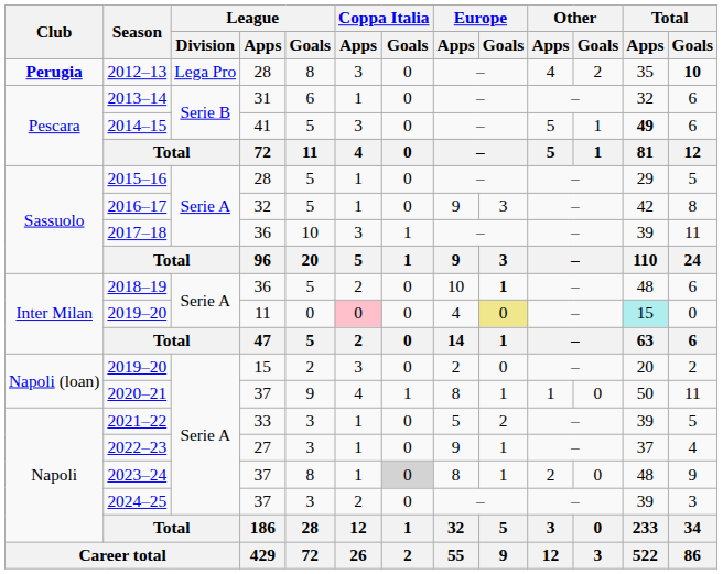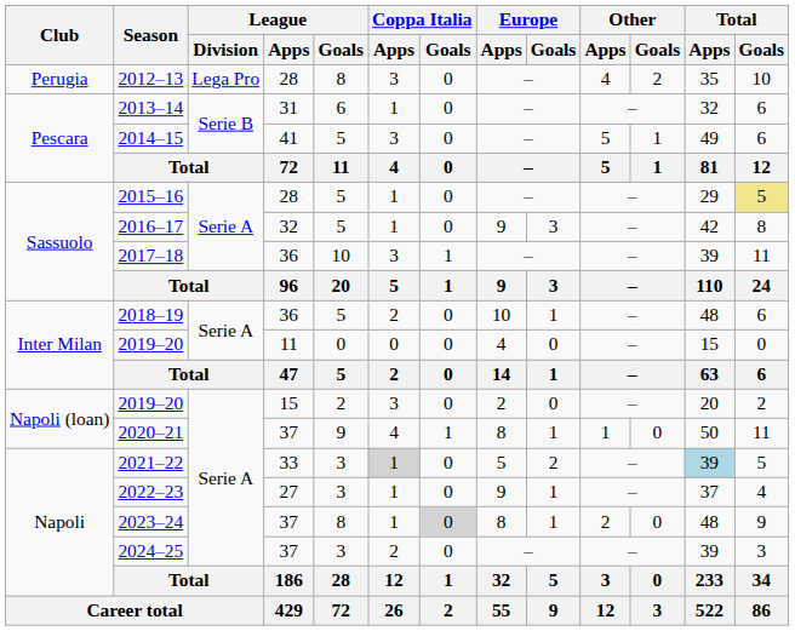 <table class="wikitable" style="text-align: center;">
 <tr>
 <th rowspan="2">Club</th>
 <th rowspan="2">Season</th>
 <th colspan="3">League</th>
 <th colspan="2"><a href='#'>Coppa Italia</a></th>
 <th colspan="2"><a href='#'>Europe</a></th>
 <th colspan="2">Other</th>
 <th colspan="2">Total</th>
 </tr>
 <tr>
 <th>Division</th>
 <th>Apps</th>
 <th>Goals</th>
 <th>Apps</th>
 <th>Goals</th>
 <th>Apps</th>
 <th>Goals</th>
 <th>Apps</th>
 <th>Goals</th>
 <th>Apps</th>
 <th>Goals</th>
 </tr>
 <tr>
-<td><strong><a href='#'>Perugia</a></strong></td>
+<td><a href='#'>Perugia</a></td>
 <td><a href='#'>2012–13</a></td>
 <td><a href='#'>Lega Pro</a></td>
 <td>28</td>
 <td>8</td>
 <td>3</td>
 <td>0</td>
 <td colspan=2>–</td>
 <td>4</td>
 <td>2</td>
 <td>35</td>
-<td><strong>10</strong></td>
+<td>10</td>
 </tr>
 <tr>
 <td rowspan=3><a href='#'>Pescara</a></td>
 <td><a href='#'>2013–14</a></td>
 <td rowspan=2><a href='#'>Serie B</a></td>
 <td>31</td>
 <td>6</td>
 <td>1</td>
 <td>0</td>
 <td colspan=2>–</td>
 <td colspan=2>–</td>
 <td>32</td>
 <td>6</td>
 </tr>
 <tr>
 <td><a href='#'>2014–15</a></td>
 <td>41</td>
 <td>5</td>
 <td>3</td>
 <td>0</td>
 <td colspan=2>–</td>
 <td>5</td>
 <td>1</td>
-<td><strong>49</strong></td>
+<td>49</td>
 <td>6</td>
 </tr>
 <tr>
 <th colspan=2>Total</th>
 <th>72</th>
 <th>11</th>
 <th>4</th>
 <th>0</th>
 <th colspan=2>–</th>
 <th>5</th>
 <th>1</th>
 <th>81</th>
 <th>12</th>
 </tr>
 <tr>
 <td rowspan=4><a href='#'>Sassuolo</a></td>
 <td><a href='#'>2015–16</a></td>
 <td rowspan=3><a href='#'>Serie A</a></td>
 <td>28</td>
 <td>5</td>
 <td>1</td>
 <td>0</td>
 <td colspan=2>–</td>
 <td colspan=2>–</td>
 <td>29</td>
-<td>5</td>
+<td style="background: khaki;">5</td>
 </tr>
 <tr>
 <td><a href='#'>2016–17</a></td>
 <td>32</td>
 <td>5</td>
 <td>1</td>
 <td>0</td>
 <td>9</td>
 <td>3</td>
 <td colspan=2>–</td>
 <td>42</td>
 <td>8</td>
 </tr>
 <tr>
 <td><a href='#'>2017–18</a></td>
 <td>36</td>
 <td>10</td>
 <td>3</td>
 <td>1</td>
 <td colspan=2>–</td>
 <td colspan=2>–</td>
 <td>39</td>
 <td>11</td>
 </tr>
 <tr>
 <th colspan=2>Total</th>
 <th>96</th>
 <th>20</th>
 <th>5</th>
 <th>1</th>
 <th>9</th>
 <th>3</th>
 <th colspan=2>–</th>
 <th>110</th>
 <th>24</th>
 </tr>
 <tr>
 <td rowspan=3><a href='#'>Inter Milan</a></td>
 <td><a href='#'>2018–19</a></td>
 <td rowspan=2>Serie A</td>
 <td>36</td>
 <td>5</td>
 <td>2</td>
 <td>0</td>
 <td>10</td>
-<td><strong>1</strong></td>
+<td>1</td>
 <td colspan=2>–</td>
 <td>48</td>
 <td>6</td>
 </tr>
 <tr>
 <td><a href='#'>2019–20</a></td>
 <td>11</td>
 <td>0</td>
-<td style="background: pink;">0</td>
+<td>0</td>
 <td>0</td>
 <td>4</td>
-<td style="background: khaki;">0</td>
+<td>0</td>
 <td colspan=2>–</td>
-<td style="background: paleturquoise;">15</td>
+<td>15</td>
 <td>0</td>
 </tr>
 <tr>
 <th colspan=2>Total</th>
 <th>47</th>
 <th>5</th>
 <th>2</th>
 <th>0</th>
 <th>14</th>
 <th>1</th>
 <th colspan=2>–</th>
 <th>63</th>
 <th>6</th>
 </tr>
 <tr>
 <td rowspan=2><a href='#'>Napoli</a> (loan)</td>
 <td><a href='#'>2019–20</a></td>
 <td rowspan=6>Serie A</td>
 <td>15</td>
 <td>2</td>
 <td>3</td>
 <td>0</td>
 <td>2</td>
 <td>0</td>
 <td colspan=2>–</td>
 <td>20</td>
 <td>2</td>
 </tr>
 <tr>
 <td><a href='#'>2020–21</a></td>
 <td>37</td>
 <td>9</td>
 <td>4</td>
 <td>1</td>
 <td>8</td>
 <td>1</td>
 <td>1</td>
 <td>0</td>
 <td>50</td>
 <td>11</td>
 </tr>
 <tr>
 <td rowspan=5>Napoli</td>
 <td><a href='#'>2021–22</a></td>
 <td>33</td>
 <td>3</td>
-<td>1</td>
+<td style="background: lightgrey;">1</td>
 <td>0</td>
 <td>5</td>
 <td>2</td>
 <td colspan=2>–</td>
-<td>39</td>
+<td style="background: lightblue;">39</td>
 <td>5</td>
 </tr>
 <tr>
 <td><a href='#'>2022–23</a></td>
 <td>27</td>
 <td>3</td>
 <td>1</td>
 <td>0</td>
 <td>9</td>
 <td>1</td>
 <td colspan=2>–</td>
 <td>37</td>
 <td>4</td>
 </tr>
 <tr>
 <td><a href='#'>2023–24</a></td>
 <td>37</td>
 <td>8</td>
 <td>1</td>
 <td style="background: lightgrey;">0</td>
 <td>8</td>
 <td>1</td>
 <td>2</td>
 <td>0</td>
 <td>48</td>
 <td>9</td>
 </tr>
 <tr>
 <td><a href='#'>2024–25</a></td>
 <td>37</td>
 <td>3</td>
 <td>2</td>
 <td>0</td>
 <td colspan=2>–</td>
 <td colspan=2>–</td>
 <td>39</td>
 <td>3</td>
 </tr>
 <tr>
 <th colspan=2>Total</th>
 <th>186</th>
 <th>28</th>
 <th>12</th>
 <th>1</th>
 <th>32</th>
 <th>5</th>
 <th>3</th>
 <th>0</th>
 <th>233</th>
 <th>34</th>
 </tr>
 <tr>
 <th colspan=3>Career total</th>
 <th>429</th>
 <th>72</th>
 <th>26</th>
 <th>2</th>
 <th>55</th>
 <th>9</th>
 <th>12</th>
 <th>3</th>
 <th>522</th>
 <th>86</th>
 </tr>
 </table>
